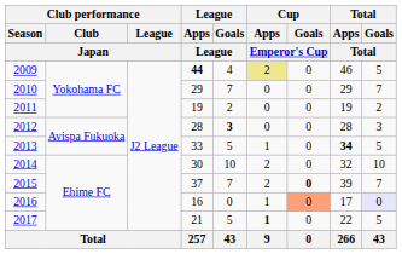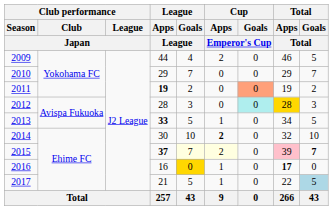 <table class="wikitable" style="text-align:center;">
 <tr>
 <th colspan=3>Club performance</th>
 <th colspan=2>League</th>
 <th colspan=2>Cup</th>
 <th colspan=2>Total</th>
 </tr>
 <tr>
 <th>Season</th>
 <th>Club</th>
 <th>League</th>
 <th>Apps</th>
 <th>Goals</th>
 <th>Apps</th>
 <th>Goals</th>
 <th>Apps</th>
 <th>Goals</th>
 </tr>
 <tr>
 <th colspan=3>Japan</th>
 <th colspan=2>League</th>
 <th colspan=2><a href='#'>Emperor's Cup</a></th>
 <th colspan=2>Total</th>
 </tr>
 <tr>
 <td><a href='#'>2009</a></td>
 <td rowspan="3"><a href='#'>Yokohama FC</a></td>
 <td rowspan="9"><a href='#'>J2 League</a></td>
-<td><strong>44</strong></td>
+<td>44</td>
 <td>4</td>
-<td style="background: khaki;">2</td>
+<td>2</td>
 <td>0</td>
 <td>46</td>
 <td>5</td>
 </tr>
 <tr>
 <td><a href='#'>2010</a></td>
 <td>29</td>
 <td>7</td>
 <td>0</td>
 <td>0</td>
 <td>29</td>
 <td>7</td>
 </tr>
 <tr>
 <td><a href='#'>2011</a></td>
-<td>19</td>
+<td><strong>19</strong></td>
 <td>2</td>
 <td>0</td>
-<td>0</td>
+<td style="background: lightsalmon;">0</td>
 <td>19</td>
 <td>2</td>
 </tr>
 <tr>
 <td><a href='#'>2012</a></td>
 <td rowspan="2"><a href='#'>Avispa Fukuoka</a></td>
 <td>28</td>
-<td><strong>3</strong></td>
+<td>3</td>
 <td>0</td>
-<td>0</td>
-<td>28</td>
+<td style="background: paleturquoise;">0</td>
+<td style="background: gold;">28</td>
 <td>3</td>
 </tr>
 <tr>
 <td><a href='#'>2013</a></td>
-<td>33</td>
+<td><strong>33</strong></td>
 <td>5</td>
 <td>1</td>
 <td>0</td>
-<td><strong>34</strong></td>
+<td>34</td>
 <td>5</td>
 </tr>
 <tr>
 <td><a href='#'>2014</a></td>
 <td rowspan="4"><a href='#'>Ehime FC</a></td>
 <td>30</td>
 <td>10</td>
-<td>2</td>
+<td><strong>2</strong></td>
 <td>0</td>
 <td>32</td>
 <td>10</td>
 </tr>
 <tr>
 <td><a href='#'>2015</a></td>
-<td>37</td>
-<td>7</td>
-<td>2</td>
-<td><strong>0</strong></td>
-<td>39</td>
-<td>7</td>
+<td><strong>37</strong></td>
+<td style="background: lightyellow;">7</td>
+<td style="background: lightyellow;">2</td>
+<td>0</td>
+<td style="background: pink;">39</td>
+<td><strong>7</strong></td>
 </tr>
 <tr>
 <td><a href='#'>2016</a></td>
 <td>16</td>
+<td style="background: gold;">0</td>
+<td>1</td>
 <td>0</td>
-<td>1</td>
-<td style="background: lightsalmon;">0</td>
-<td>17</td>
-<td style="background: lavender;">0</td>
+<td><strong>17</strong></td>
+<td>0</td>
 </tr>
 <tr>
 <td><a href='#'>2017</a></td>
 <td>21</td>
 <td>5</td>
-<td><strong>1</strong></td>
+<td>1</td>
 <td>0</td>
 <td>22</td>
-<td>5</td>
+<td style="background: lightblue;">5</td>
 </tr>
 <tr>
 <th colspan=3>Total</th>
 <th>257</th>
 <th>43</th>
 <th>9</th>
 <th>0</th>
 <th>266</th>
 <th>43</th>
 </tr>
 </table>
